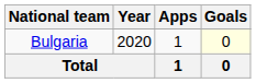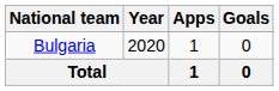 <table class="wikitable" style="text-align:center">
 <tr>
 <th>National team</th>
 <th>Year</th>
 <th>Apps</th>
 <th>Goals</th>
 </tr>
 <tr>
 <td rowspan="2"><a href='#'>Bulgaria</a></td>
 </tr>
 <tr>
 <td>2020</td>
 <td>1</td>
-<td style="background: lightyellow;">0</td>
+<td>0</td>
 </tr>
 <tr>
 <th colspan="2">Total</th>
 <th>1</th>
 <th>0</th>
 </tr>
 </table>
